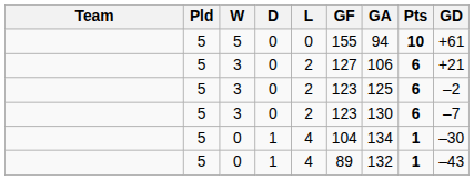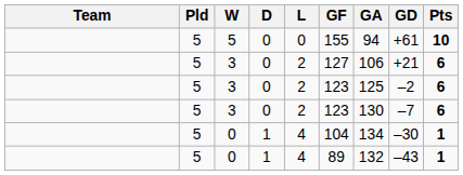 <table class="wikitable" style="text-align: center;">
 <tr>
 <th width="180">Team</th>
 <th width="30">Pld</th>
 <th width="30">W</th>
 <th width="30">D</th>
 <th width="30">L</th>
 <th width="30">GF</th>
 <th width="30">GA</th>
+<th width="30">GD</th>
 <th width="30">Pts</th>
-<th width="30">GD</th>
 </tr>
 <tr>
 <td align="left"></td>
 <td>5</td>
 <td>5</td>
 <td>0</td>
 <td>0</td>
 <td>155</td>
 <td>94</td>
+<td>+61</td>
 <td><strong>10</strong></td>
-<td>+61</td>
 </tr>
 <tr>
 <td align="left"></td>
 <td>5</td>
 <td>3</td>
 <td>0</td>
 <td>2</td>
 <td>127</td>
 <td>106</td>
+<td>+21</td>
 <td><strong>6</strong></td>
-<td>+21</td>
 </tr>
 <tr>
 <td align="left"></td>
 <td>5</td>
 <td>3</td>
 <td>0</td>
 <td>2</td>
 <td>123</td>
 <td>125</td>
+<td>–2</td>
 <td><strong>6</strong></td>
-<td>–2</td>
 </tr>
 <tr>
 <td align="left"></td>
 <td>5</td>
 <td>3</td>
 <td>0</td>
 <td>2</td>
 <td>123</td>
 <td>130</td>
+<td>–7</td>
 <td><strong>6</strong></td>
-<td>–7</td>
 </tr>
 <tr>
 <td align="left"></td>
 <td>5</td>
 <td>0</td>
 <td>1</td>
 <td>4</td>
 <td>104</td>
 <td>134</td>
+<td>–30</td>
 <td><strong>1</strong></td>
-<td>–30</td>
 </tr>
 <tr>
 <td align="left"></td>
 <td>5</td>
 <td>0</td>
 <td>1</td>
 <td>4</td>
 <td>89</td>
 <td>132</td>
+<td>–43</td>
 <td><strong>1</strong></td>
-<td>–43</td>
 </tr>
 </table>
